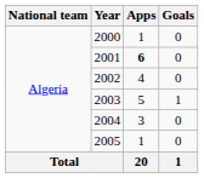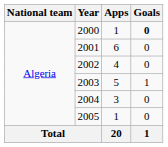 <table class="wikitable" style="text-align:center">
 <tr>
 <th>National team</th>
 <th>Year</th>
 <th>Apps</th>
 <th>Goals</th>
 </tr>
 <tr>
 <td rowspan="6"><a href='#'>Algeria</a></td>
 <td>2000</td>
 <td>1</td>
-<td>0</td>
+<td><strong>0</strong></td>
 </tr>
 <tr>
 <td>2001</td>
-<td><strong>6</strong></td>
+<td>6</td>
 <td>0</td>
 </tr>
 <tr>
 <td>2002</td>
 <td>4</td>
 <td>0</td>
 </tr>
 <tr>
 <td>2003</td>
 <td>5</td>
 <td>1</td>
 </tr>
 <tr>
 <td>2004</td>
 <td>3</td>
 <td>0</td>
 </tr>
 <tr>
 <td>2005</td>
 <td>1</td>
 <td>0</td>
 </tr>
 <tr>
 <th colspan="2">Total</th>
 <th>20</th>
 <th>1</th>
 </tr>
 </table>
